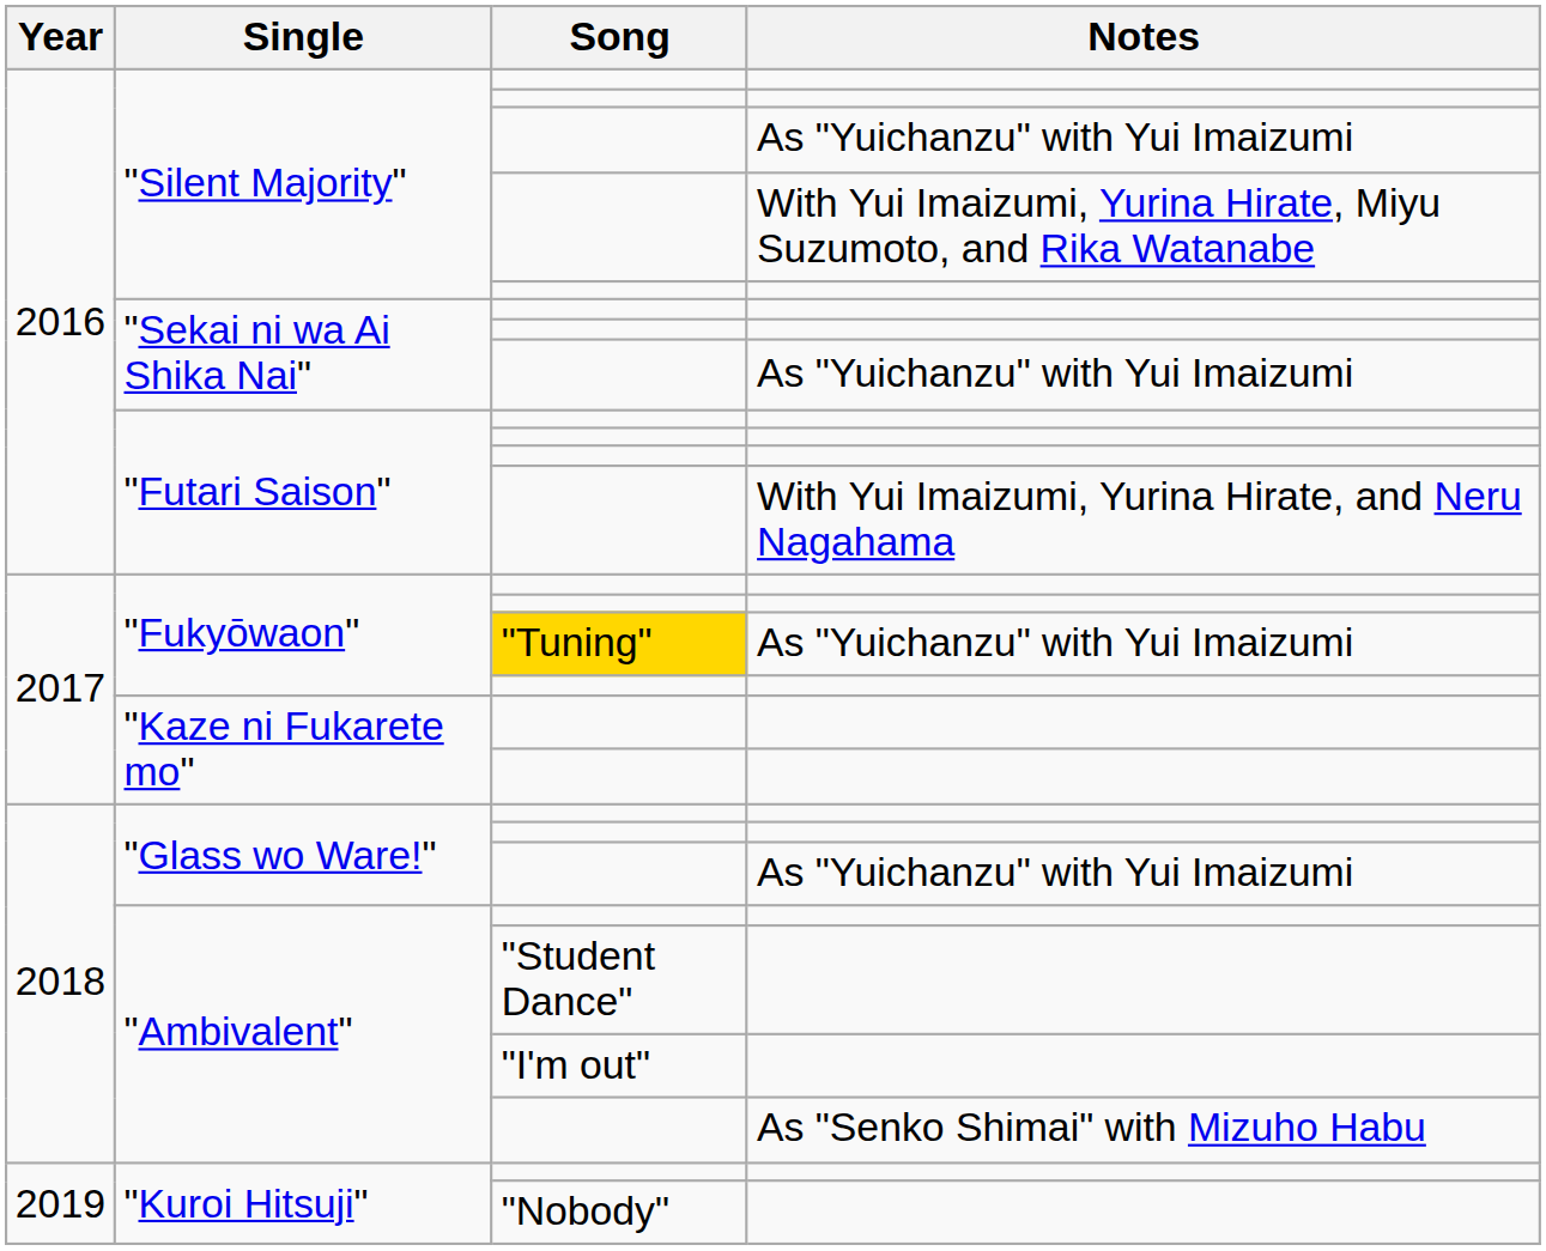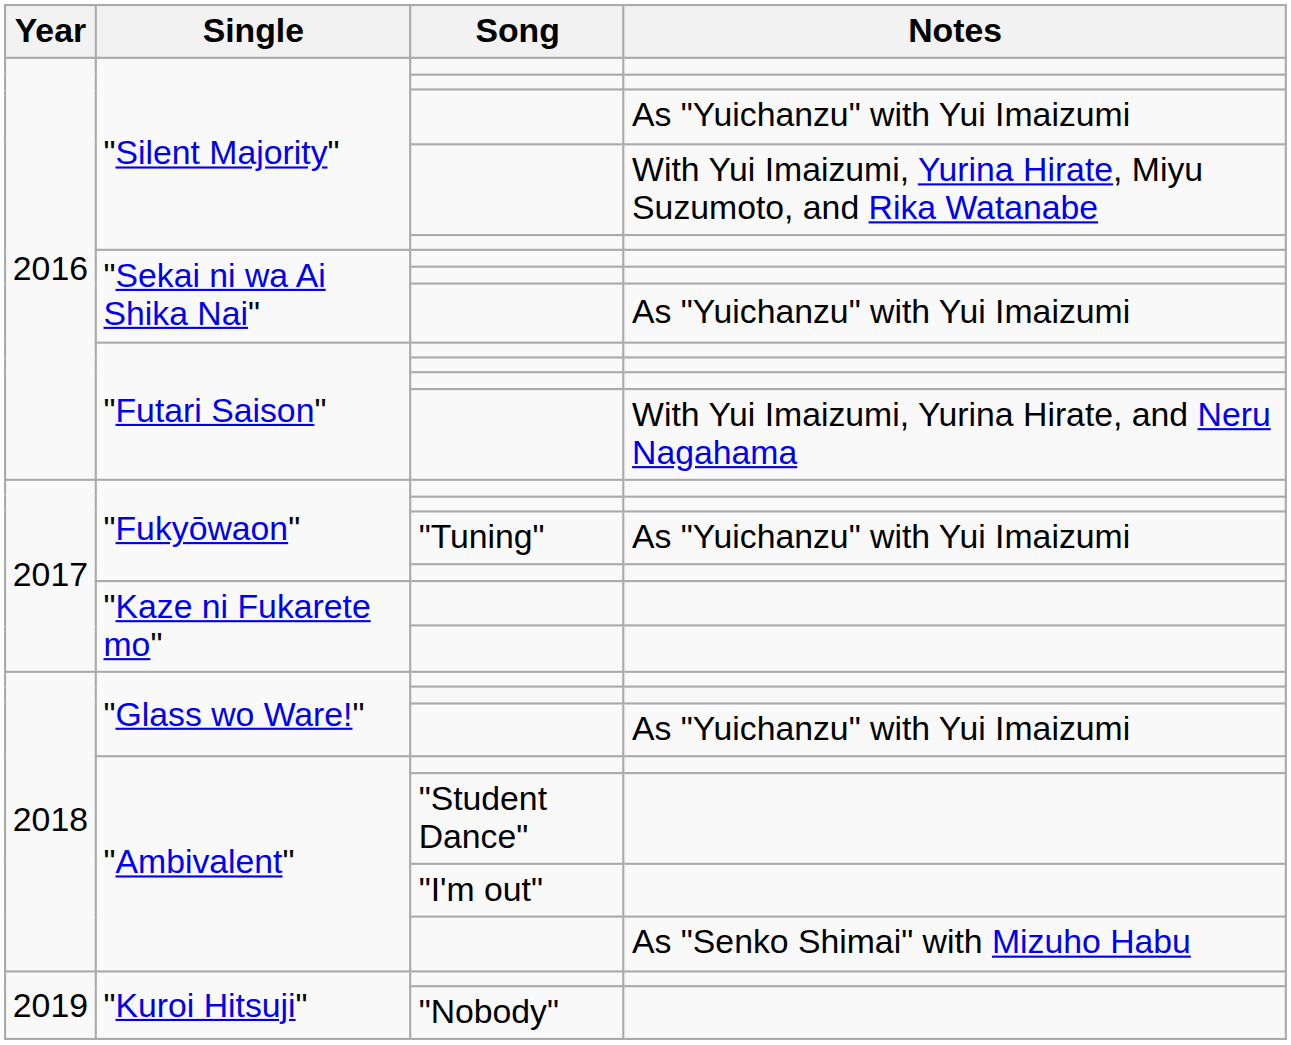 <table class="wikitable">
 <tr>
 <th>Year</th>
 <th>Single</th>
 <th>Song</th>
 <th>Notes</th>
 </tr>
 <tr>
 <td rowspan="12">2016</td>
 <td rowspan="5">"<a href='#'>Silent Majority</a>"</td>
 <td></td>
 <td></td>
 </tr>
 <tr>
 <td></td>
 <td></td>
 </tr>
 <tr>
 <td></td>
 <td>As "Yuichanzu" with Yui Imaizumi</td>
 </tr>
 <tr>
 <td></td>
 <td>With Yui Imaizumi, <a href='#'>Yurina Hirate</a>, Miyu Suzumoto, and <a href='#'>Rika Watanabe</a></td>
 </tr>
 <tr>
 <td></td>
 <td></td>
 </tr>
 <tr>
 <td rowspan="3">"<a href='#'>Sekai ni wa Ai Shika Nai</a>"</td>
 <td></td>
 <td></td>
 </tr>
 <tr>
 <td></td>
 <td></td>
 </tr>
 <tr>
 <td></td>
 <td>As "Yuichanzu" with Yui Imaizumi</td>
 </tr>
 <tr>
 <td rowspan="4">"<a href='#'>Futari Saison</a>"</td>
 <td></td>
 <td></td>
 </tr>
 <tr>
 <td></td>
 <td></td>
 </tr>
 <tr>
 <td></td>
 <td></td>
 </tr>
 <tr>
 <td></td>
 <td>With Yui Imaizumi, Yurina Hirate, and <a href='#'>Neru Nagahama</a></td>
 </tr>
 <tr>
 <td rowspan="6">2017</td>
 <td rowspan="4">"<a href='#'>Fukyōwaon</a>"</td>
 <td></td>
 <td></td>
 </tr>
 <tr>
 <td></td>
 <td></td>
 </tr>
 <tr>
-<td style="background: gold;">"Tuning"</td>
+<td>"Tuning"</td>
 <td>As "Yuichanzu" with Yui Imaizumi</td>
 </tr>
 <tr>
 <td></td>
 <td></td>
 </tr>
 <tr>
 <td rowspan="2">"<a href='#'>Kaze ni Fukarete mo</a>"</td>
 <td></td>
 <td></td>
 </tr>
 <tr>
 <td></td>
 <td></td>
 </tr>
 <tr>
 <td rowspan="7">2018</td>
 <td rowspan="3">"<a href='#'>Glass wo Ware!</a>"</td>
 <td></td>
 <td></td>
 </tr>
 <tr>
 <td></td>
 <td></td>
 </tr>
 <tr>
 <td></td>
 <td>As "Yuichanzu" with Yui Imaizumi</td>
 </tr>
 <tr>
 <td rowspan="4">"<a href='#'>Ambivalent</a>"</td>
 <td></td>
 <td></td>
 </tr>
 <tr>
 <td>"Student Dance"</td>
 <td></td>
 </tr>
 <tr>
 <td>"I'm out"</td>
 <td></td>
 </tr>
 <tr>
 <td></td>
 <td>As "Senko Shimai" with <a href='#'>Mizuho Habu</a></td>
 </tr>
 <tr>
 <td rowspan="2">2019</td>
 <td rowspan="2">"<a href='#'>Kuroi Hitsuji</a>"</td>
 <td></td>
 <td></td>
 </tr>
 <tr>
 <td>"Nobody"</td>
 <td></td>
 </tr>
 </table>
